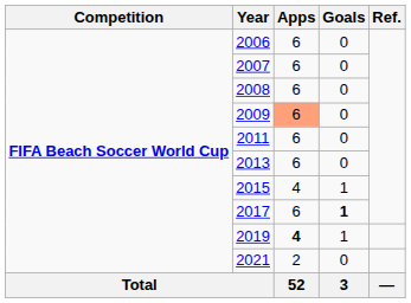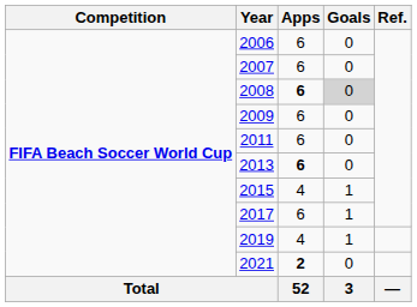 <table class="wikitable" style="text-align:center;">
 <tr>
 <th>Competition</th>
 <th>Year</th>
 <th>Apps</th>
 <th>Goals</th>
 <th>Ref.</th>
 </tr>
 <tr>
 <td rowspan="10"><strong><a href='#'>FIFA Beach Soccer World Cup</a></strong></td>
 <td> <a href='#'>2006</a></td>
 <td>6</td>
 <td>0</td>
 <td rowspan=8></td>
 </tr>
 <tr>
 <td> <a href='#'>2007</a></td>
 <td>6</td>
 <td>0</td>
 </tr>
 <tr>
 <td> <a href='#'>2008</a></td>
-<td>6</td>
-<td>0</td>
+<td><strong>6</strong></td>
+<td style="background: lightgrey;">0</td>
 </tr>
 <tr>
 <td> <a href='#'>2009</a></td>
-<td style="background: lightsalmon;">6</td>
+<td>6</td>
 <td>0</td>
 </tr>
 <tr>
 <td> <a href='#'>2011</a></td>
 <td>6</td>
 <td>0</td>
 </tr>
 <tr>
 <td> <a href='#'>2013</a></td>
-<td>6</td>
+<td><strong>6</strong></td>
 <td>0</td>
 </tr>
 <tr>
 <td> <a href='#'>2015</a></td>
 <td>4</td>
 <td>1</td>
 </tr>
 <tr>
 <td> <a href='#'>2017</a></td>
 <td>6</td>
-<td><strong>1</strong></td>
+<td>1</td>
 </tr>
 <tr>
 <td> <a href='#'>2019</a></td>
-<td><strong>4</strong></td>
+<td>4</td>
 <td>1</td>
 <td></td>
 </tr>
 <tr>
 <td> <a href='#'>2021</a></td>
-<td>2</td>
+<td><strong>2</strong></td>
 <td>0</td>
 <td></td>
 </tr>
 <tr>
 <th colspan=2>Total</th>
 <th>52</th>
 <th>3</th>
 <th>—</th>
 </tr>
 </table>
